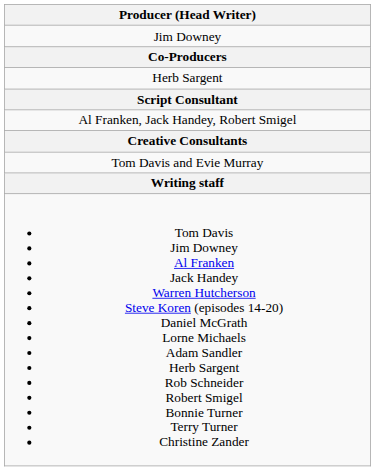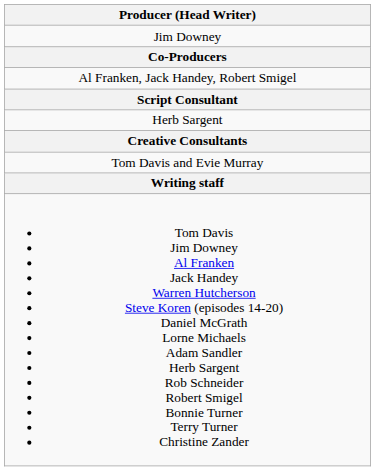 <table class="wikitable plainrowheaders"  style="text-align:center; width:50%;">
 <tr>
 <th><strong>Producer (Head Writer)</strong></th>
 </tr>
 <tr>
 <td>Jim Downey</td>
 </tr>
 <tr>
 <th><strong>Co-Producers</strong></th>
 </tr>
 <tr>
-<td>Herb Sargent</td>
+<td>Al Franken, Jack Handey, Robert Smigel</td>
 </tr>
 <tr>
 <th><strong>Script Consultant</strong></th>
 </tr>
 <tr>
-<td>Al Franken, Jack Handey, Robert Smigel</td>
+<td>Herb Sargent</td>
 </tr>
 <tr>
 <th><strong>Creative Consultants</strong></th>
 </tr>
 <tr>
 <td>Tom Davis and Evie Murray</td>
 </tr>
 <tr>
 <th><strong>Writing staff</strong></th>
 </tr>
 <tr>
 <td><br><ul><li>Tom Davis</li><li>Jim Downey</li><li><a href='#'>Al Franken</a></li><li>Jack Handey</li><li><a href='#'>Warren Hutcherson</a></li><li><a href='#'>Steve Koren</a> (episodes 14-20)</li><li>Daniel McGrath</li><li>Lorne Michaels</li><li>Adam Sandler</li><li>Herb Sargent</li><li>Rob Schneider</li><li>Robert Smigel</li><li>Bonnie Turner</li><li>Terry Turner</li><li>Christine Zander</li></ul></td>
 </tr>
 </table>
